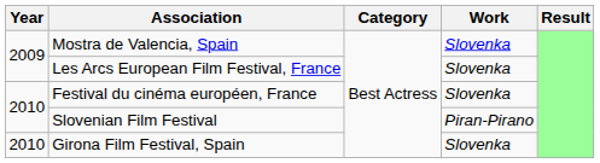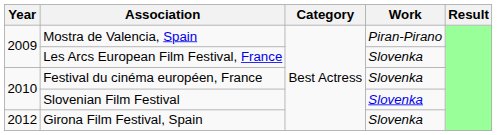 <table class="wikitable">
 <tr>
 <th>Year</th>
 <th>Association</th>
 <th>Category</th>
 <th>Work</th>
 <th>Result</th>
 </tr>
 <tr>
 <td rowspan=2>2009</td>
 <td>Mostra de Valencia, <a href='#'>Spain</a></td>
 <td rowspan=5>Best Actress</td>
-<td><em><a href='#'>Slovenka</a></em></td>
+<td><em>Piran-Pirano</em></td>
 <td rowspan=5 style="background: #99FF99"></td>
 </tr>
 <tr>
 <td>Les Arcs European Film Festival, <a href='#'>France</a></td>
 <td><em>Slovenka</em></td>
 </tr>
 <tr>
 <td rowspan=2>2010</td>
 <td>Festival du cinéma européen, France</td>
 <td><em>Slovenka</em></td>
 </tr>
 <tr>
 <td>Slovenian Film Festival</td>
-<td><em>Piran-Pirano</em></td>
+<td><em><a href='#'>Slovenka</a></em></td>
 </tr>
 <tr>
-<td>2010</td>
+<td>2012</td>
 <td>Girona Film Festival, Spain</td>
 <td><em>Slovenka</em></td>
 </tr>
 </table>
